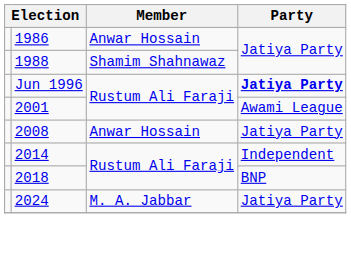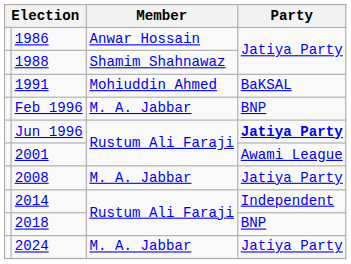 <table class="wikitable">
 <tr>
 <th colspan="2">Election</th>
 <th>Member</th>
 <th>Party</th>
 </tr>
 <tr>
 <td style="background-color:"></td>
 <td><a href='#'>1986</a></td>
 <td><a href='#'>Anwar Hossain</a></td>
 <td rowspan="2"><a href='#'>Jatiya Party</a></td>
 </tr>
 <tr>
 <td style="background-color:"></td>
 <td><a href='#'>1988</a></td>
 <td><a href='#'>Shamim Shahnawaz</a></td>
 </tr>
 <tr>
 <td style="background-color:"></td>
+<td><a href='#'>1991</a></td>
+<td><a href='#'>Mohiuddin Ahmed</a></td>
+<td><a href='#'>BaKSAL</a></td>
+</tr>
+<tr>
+<td style="background-color:"></td>
+<td><a href='#'>Feb 1996</a></td>
+<td><a href='#'>M. A. Jabbar</a></td>
+<td><a href='#'>BNP</a></td>
+</tr>
+<tr>
+<td style="background-color:"></td>
 <td><a href='#'>Jun 1996</a></td>
 <td rowspan="2"><a href='#'>Rustum Ali Faraji</a></td>
 <td><strong><a href='#'>Jatiya Party</a></strong></td>
 </tr>
 <tr>
 <td style="background-color:"></td>
 <td><a href='#'>2001</a></td>
 <td><a href='#'>Awami League</a></td>
 </tr>
 <tr>
 <td style="background-color:"></td>
 <td><a href='#'>2008</a></td>
-<td><a href='#'>Anwar Hossain</a></td>
+<td><a href='#'>M. A. Jabbar</a></td>
 <td><a href='#'>Jatiya Party</a></td>
 </tr>
 <tr>
 <td style="background-color:"></td>
 <td><a href='#'>2014</a></td>
 <td rowspan="2"><a href='#'>Rustum Ali Faraji</a></td>
 <td><a href='#'>Independent</a></td>
 </tr>
 <tr>
 <td style="background-color:"></td>
 <td><a href='#'>2018</a></td>
 <td><a href='#'>BNP</a></td>
 </tr>
 <tr>
 <td style="background-color:"></td>
 <td><a href='#'>2024</a></td>
 <td><a href='#'>M. A. Jabbar</a></td>
 <td><a href='#'>Jatiya Party</a></td>
 </tr>
 <tr>
 </tr>
 </table>
